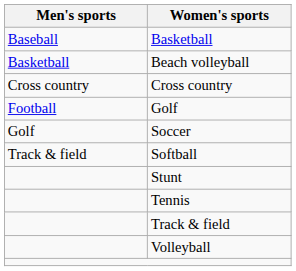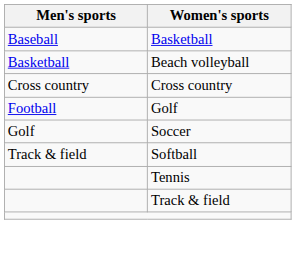 <table class="wikitable"; style= "text-align: ">
 <tr>
 <th width=150px>Men's sports</th>
 <th width=150px>Women's sports</th>
 </tr>
 <tr>
 <td><a href='#'>Baseball</a></td>
 <td><a href='#'>Basketball</a></td>
 </tr>
 <tr>
 <td><a href='#'>Basketball</a></td>
 <td>Beach volleyball</td>
 </tr>
 <tr>
 <td>Cross country</td>
 <td>Cross country</td>
 </tr>
 <tr>
 <td><a href='#'>Football</a></td>
 <td>Golf</td>
 </tr>
 <tr>
 <td>Golf</td>
 <td>Soccer</td>
 </tr>
 <tr>
 <td>Track & field</td>
 <td>Softball</td>
 </tr>
 <tr>
 <td></td>
-<td>Stunt</td>
-</tr>
-<tr>
-<td></td>
 <td>Tennis</td>
 </tr>
 <tr>
 <td></td>
 <td>Track & field</td>
 </tr>
 <tr>
-<td></td>
-<td>Volleyball</td>
-</tr>
-<tr>
 <td colspan=2></td>
 </tr>
 </table>
